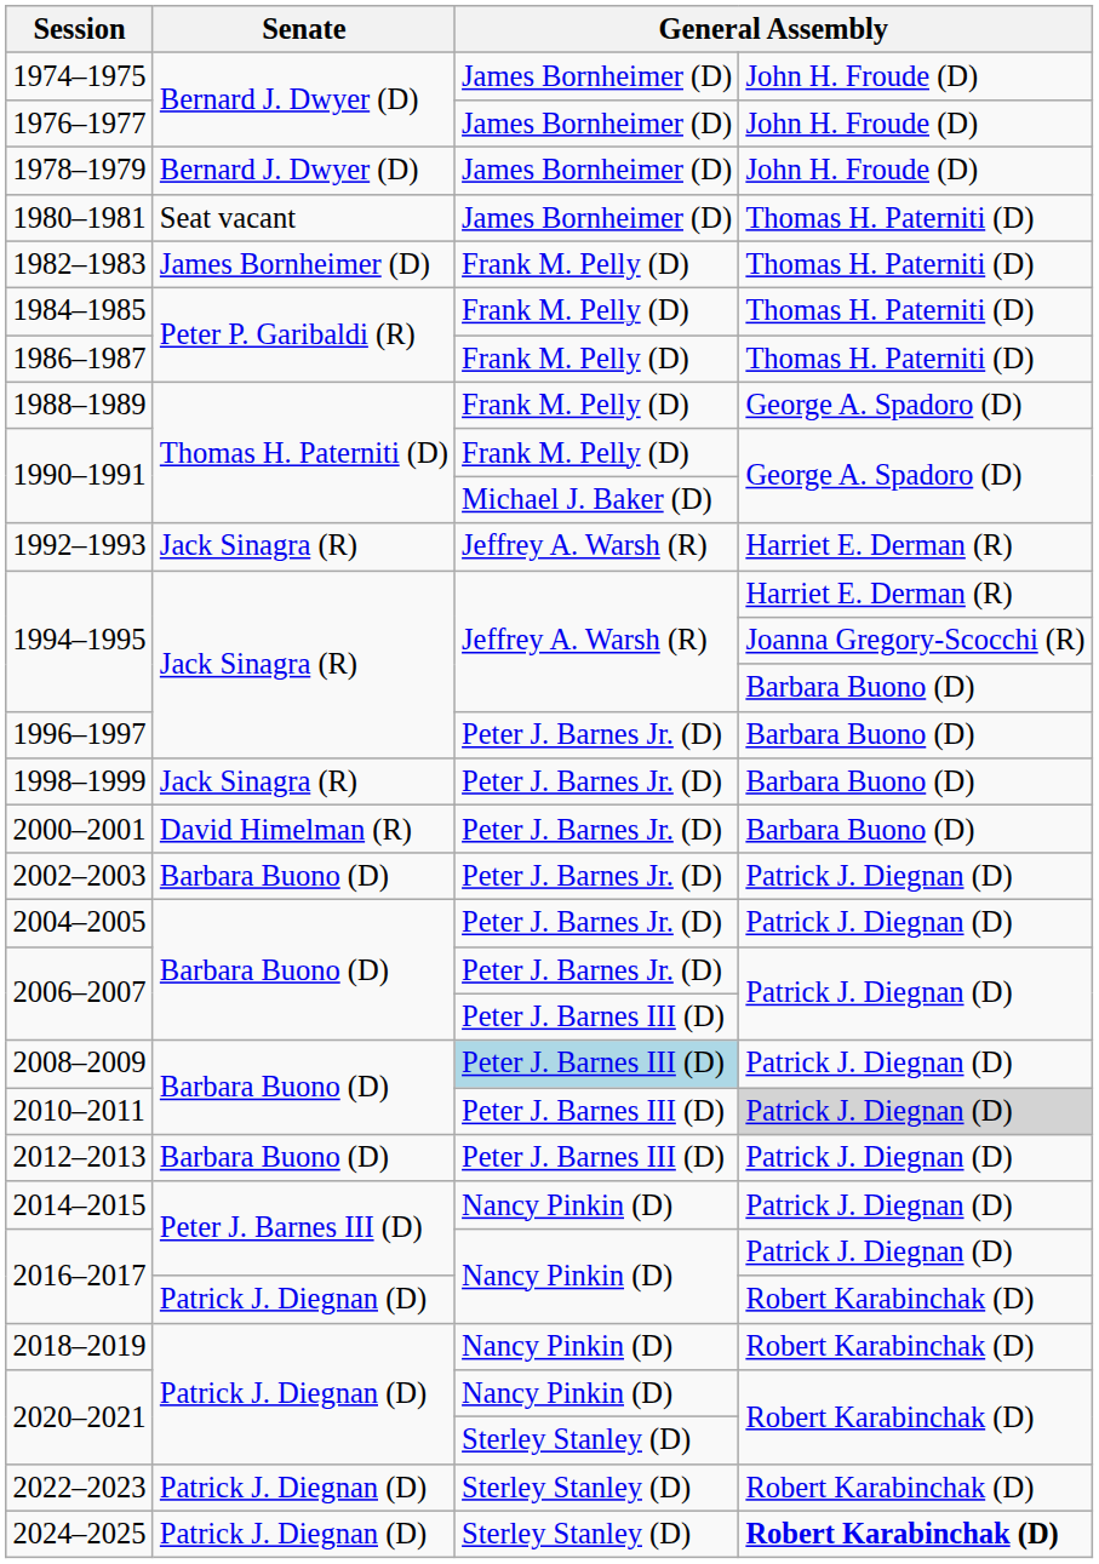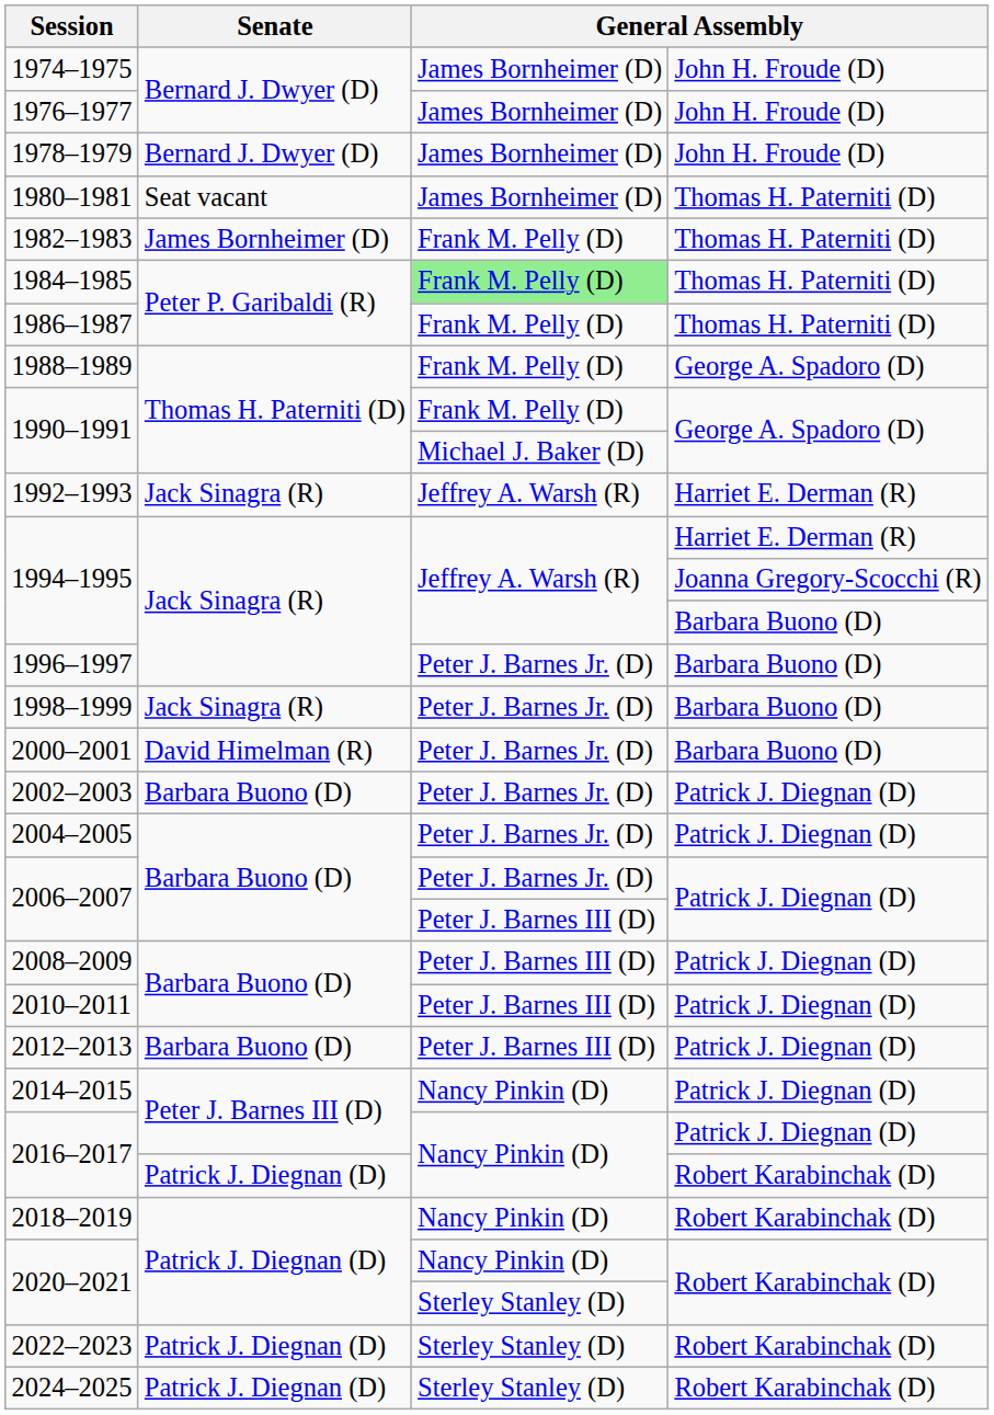 <table class="wikitable">
 <tr>
 <th>Session</th>
 <th>Senate</th>
 <th colspan=2>General Assembly</th>
 </tr>
 <tr>
 <td>1974–1975</td>
 <td rowspan=2 ><a href='#'>Bernard J. Dwyer</a> (D)</td>
 <td><a href='#'>James Bornheimer</a> (D)</td>
 <td><a href='#'>John H. Froude</a> (D)</td>
 </tr>
 <tr>
 <td>1976–1977</td>
 <td><a href='#'>James Bornheimer</a> (D)</td>
 <td><a href='#'>John H. Froude</a> (D)</td>
 </tr>
 <tr>
 <td>1978–1979</td>
 <td rowspan=2 ><a href='#'>Bernard J. Dwyer</a> (D)<small> </small><br></td>
 <td><a href='#'>James Bornheimer</a> (D)</td>
 <td><a href='#'>John H. Froude</a> (D)</td>
 </tr>
 <tr>
 <td rowspan=2>1980–1981</td>
 <td rowspan=2 ><a href='#'>James Bornheimer</a> (D)</td>
 <td rowspan=2 ><a href='#'>Thomas H. Paterniti</a> (D)</td>
 </tr>
 <tr>
 <td>Seat vacant</td>
 </tr>
 <tr>
 <td>1982–1983</td>
 <td><a href='#'>James Bornheimer</a> (D)</td>
 <td><a href='#'>Frank M. Pelly</a> (D)</td>
 <td><a href='#'>Thomas H. Paterniti</a> (D)</td>
 </tr>
 <tr>
 <td>1984–1985</td>
 <td rowspan=2 ><a href='#'>Peter P. Garibaldi</a> (R)</td>
-<td><a href='#'>Frank M. Pelly</a> (D)</td>
+<td style="background: lightgreen;"><a href='#'>Frank M. Pelly</a> (D)</td>
 <td><a href='#'>Thomas H. Paterniti</a> (D)</td>
 </tr>
 <tr>
 <td>1986–1987</td>
 <td><a href='#'>Frank M. Pelly</a> (D)</td>
 <td><a href='#'>Thomas H. Paterniti</a> (D)</td>
 </tr>
 <tr>
 <td>1988–1989</td>
 <td rowspan=3 ><a href='#'>Thomas H. Paterniti</a> (D)</td>
 <td><a href='#'>Frank M. Pelly</a> (D)</td>
 <td><a href='#'>George A. Spadoro</a> (D)</td>
 </tr>
 <tr>
 <td rowspan=2>1990–1991</td>
 <td><a href='#'>Frank M. Pelly</a> (D)</td>
 <td rowspan=2 ><a href='#'>George A. Spadoro</a> (D)</td>
 </tr>
 <tr>
 <td><a href='#'>Michael J. Baker</a> (D)</td>
 </tr>
 <tr>
 <td>1992–1993</td>
 <td><a href='#'>Jack Sinagra</a> (R)</td>
 <td><a href='#'>Jeffrey A. Warsh</a> (R)</td>
 <td><a href='#'>Harriet E. Derman</a> (R)</td>
 </tr>
 <tr>
 <td rowspan=3>1994–1995</td>
 <td rowspan=4 ><a href='#'>Jack Sinagra</a> (R)</td>
 <td rowspan=3 ><a href='#'>Jeffrey A. Warsh</a> (R)</td>
 <td><a href='#'>Harriet E. Derman</a> (R)</td>
 </tr>
 <tr>
 <td><a href='#'>Joanna Gregory-Scocchi</a> (R)</td>
 </tr>
 <tr>
 <td><a href='#'>Barbara Buono</a> (D)</td>
 </tr>
 <tr>
 <td>1996–1997</td>
 <td><a href='#'>Peter J. Barnes Jr.</a> (D)</td>
 <td><a href='#'>Barbara Buono</a> (D)</td>
 </tr>
 <tr>
 <td>1998–1999</td>
 <td rowspan=2 ><a href='#'>Jack Sinagra</a> (R)<small> </small><br></td>
 <td><a href='#'>Peter J. Barnes Jr.</a> (D)</td>
 <td><a href='#'>Barbara Buono</a> (D)</td>
 </tr>
 <tr>
 <td rowspan=2>2000–2001</td>
 <td rowspan=2 ><a href='#'>Peter J. Barnes Jr.</a> (D)</td>
 <td rowspan=2 ><a href='#'>Barbara Buono</a> (D)</td>
 </tr>
 <tr>
 <td><a href='#'>David Himelman</a> (R)</td>
 </tr>
 <tr>
 <td>2002–2003</td>
 <td><a href='#'>Barbara Buono</a> (D)</td>
 <td><a href='#'>Peter J. Barnes Jr.</a> (D)</td>
 <td><a href='#'>Patrick J. Diegnan</a> (D)</td>
 </tr>
 <tr>
 <td>2004–2005</td>
 <td rowspan=3 ><a href='#'>Barbara Buono</a> (D)</td>
 <td><a href='#'>Peter J. Barnes Jr.</a> (D)</td>
 <td><a href='#'>Patrick J. Diegnan</a> (D)</td>
 </tr>
 <tr>
 <td rowspan=2>2006–2007</td>
 <td><a href='#'>Peter J. Barnes Jr.</a> (D)</td>
 <td rowspan=2 ><a href='#'>Patrick J. Diegnan</a> (D)</td>
 </tr>
 <tr>
 <td><a href='#'>Peter J. Barnes III</a> (D)</td>
 </tr>
 <tr>
 <td>2008–2009</td>
 <td rowspan=2 ><a href='#'>Barbara Buono</a> (D)</td>
-<td style="background: lightblue;"><a href='#'>Peter J. Barnes III</a> (D)</td>
+<td><a href='#'>Peter J. Barnes III</a> (D)</td>
 <td><a href='#'>Patrick J. Diegnan</a> (D)</td>
 </tr>
 <tr>
 <td>2010–2011</td>
 <td><a href='#'>Peter J. Barnes III</a> (D)</td>
-<td style="background: lightgrey;"><a href='#'>Patrick J. Diegnan</a> (D)</td>
+<td><a href='#'>Patrick J. Diegnan</a> (D)</td>
 </tr>
 <tr>
 <td>2012–2013</td>
 <td><a href='#'>Barbara Buono</a> (D)</td>
 <td><a href='#'>Peter J. Barnes III</a> (D)</td>
 <td><a href='#'>Patrick J. Diegnan</a> (D)</td>
 </tr>
 <tr>
 <td>2014–2015</td>
 <td rowspan=2 ><a href='#'>Peter J. Barnes III</a> (D)</td>
 <td><a href='#'>Nancy Pinkin</a> (D)</td>
 <td><a href='#'>Patrick J. Diegnan</a> (D)</td>
 </tr>
 <tr>
 <td rowspan=2>2016–2017</td>
 <td rowspan=2 ><a href='#'>Nancy Pinkin</a> (D)</td>
 <td><a href='#'>Patrick J. Diegnan</a> (D)</td>
 </tr>
 <tr>
 <td><a href='#'>Patrick J. Diegnan</a> (D)</td>
 <td><a href='#'>Robert Karabinchak</a> (D)</td>
 </tr>
 <tr>
 <td>2018–2019</td>
 <td rowspan=3 ><a href='#'>Patrick J. Diegnan</a> (D)</td>
 <td><a href='#'>Nancy Pinkin</a> (D)</td>
 <td><a href='#'>Robert Karabinchak</a> (D)</td>
 </tr>
 <tr>
 <td rowspan=2>2020–2021</td>
 <td><a href='#'>Nancy Pinkin</a> (D)</td>
 <td rowspan=2 ><a href='#'>Robert Karabinchak</a> (D)</td>
 </tr>
 <tr>
 <td><a href='#'>Sterley Stanley</a> (D)</td>
 </tr>
 <tr>
 <td>2022–2023</td>
 <td><a href='#'>Patrick J. Diegnan</a> (D)</td>
 <td><a href='#'>Sterley Stanley</a> (D)</td>
 <td><a href='#'>Robert Karabinchak</a> (D)</td>
 </tr>
 <tr>
 <td>2024–2025</td>
 <td><a href='#'>Patrick J. Diegnan</a> (D)</td>
 <td><a href='#'>Sterley Stanley</a> (D)</td>
-<td><strong><a href='#'>Robert Karabinchak</a> (D)</strong></td>
+<td><a href='#'>Robert Karabinchak</a> (D)</td>
 </tr>
 </table>
